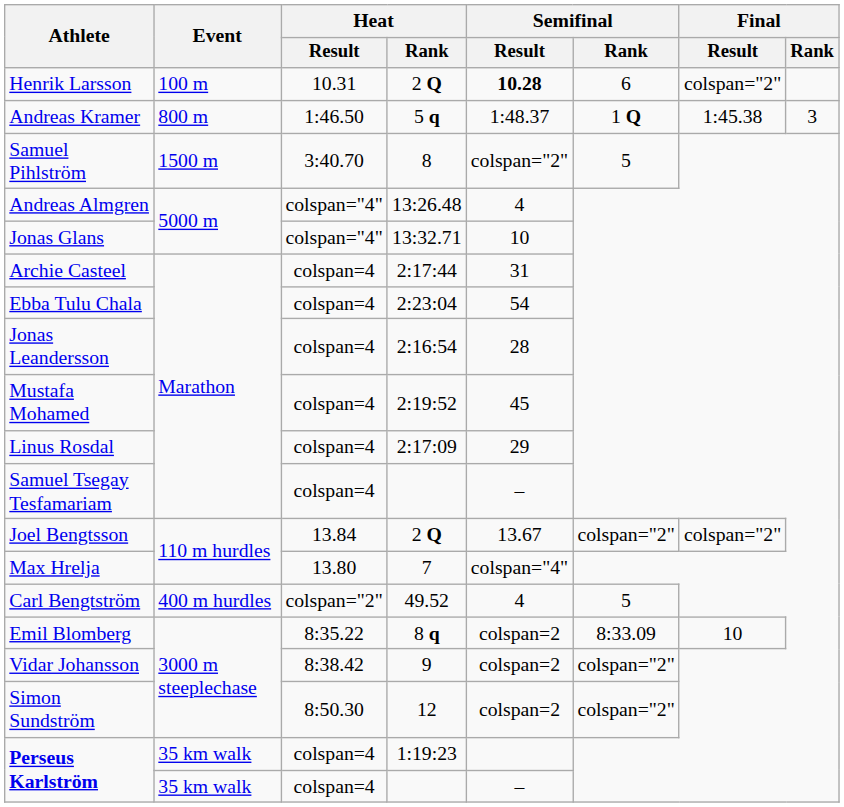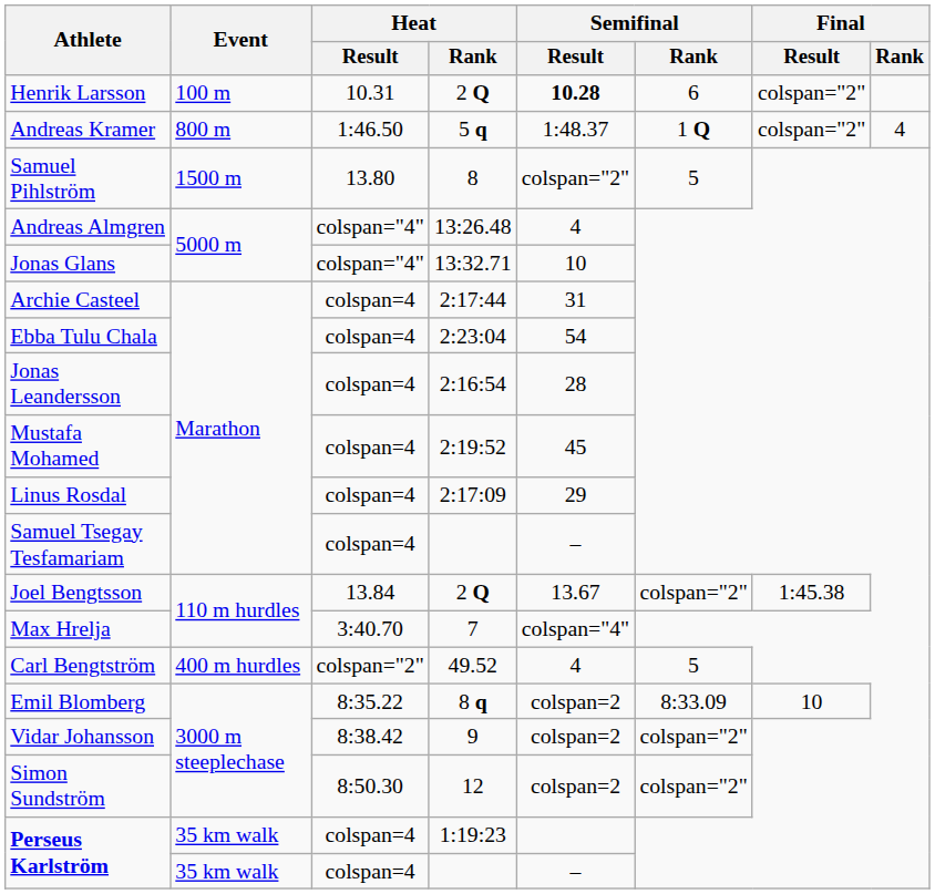 <table class="wikitable" style="font-size:90%">
 <tr>
 <th rowspan="2">Athlete</th>
 <th rowspan="2">Event</th>
 <th colspan="2">Heat</th>
 <th colspan="2">Semifinal</th>
 <th colspan="2">Final</th>
 </tr>
 <tr style="font-size:95%">
 <th>Result</th>
 <th>Rank</th>
 <th>Result</th>
 <th>Rank</th>
 <th>Result</th>
 <th>Rank</th>
 </tr>
 <tr align=center>
 <td align=left><a href='#'>Henrik Larsson</a></td>
 <td align=left><a href='#'>100 m</a></td>
 <td>10.31</td>
 <td>2 <strong>Q</strong></td>
 <td><strong>10.28</strong></td>
 <td>6</td>
 <td>colspan="2" </td>
 </tr>
 <tr align=center>
 <td align=left><a href='#'>Andreas Kramer</a></td>
 <td align=left><a href='#'>800 m</a></td>
 <td>1:46.50</td>
 <td>5 <strong>q</strong></td>
 <td>1:48.37</td>
 <td>1 <strong>Q</strong></td>
-<td>1:45.38</td>
-<td>3</td>
+<td>colspan="2" </td>
+<td>4</td>
 </tr>
 <tr align=center>
 <td align=left><a href='#'>Samuel Pihlström</a></td>
 <td align=left><a href='#'>1500 m</a></td>
-<td>3:40.70</td>
+<td>13.80</td>
 <td>8</td>
 <td>colspan="2" </td>
 <td>5</td>
 </tr>
 <tr align=center>
 <td align=left><a href='#'>Andreas Almgren</a></td>
 <td align=left rowspan=2><a href='#'>5000 m</a></td>
 <td>colspan="4" </td>
 <td>13:26.48 </td>
 <td>4</td>
 </tr>
 <tr align=center>
 <td align=left><a href='#'>Jonas Glans</a></td>
 <td>colspan="4" </td>
 <td>13:32.71</td>
 <td>10</td>
 </tr>
 <tr align=center>
 <td align=left><a href='#'>Archie Casteel</a></td>
 <td align=left rowspan=6><a href='#'>Marathon</a></td>
 <td>colspan=4 </td>
 <td>2:17:44</td>
 <td>31</td>
 </tr>
 <tr align=center>
 <td align=left><a href='#'>Ebba Tulu Chala</a></td>
 <td>colspan=4 </td>
 <td>2:23:04</td>
 <td>54</td>
 </tr>
 <tr align=center>
 <td align=left><a href='#'>Jonas Leandersson</a></td>
 <td>colspan=4 </td>
 <td>2:16:54</td>
 <td>28</td>
 </tr>
 <tr align=center>
 <td align=left><a href='#'>Mustafa Mohamed</a></td>
 <td>colspan=4 </td>
 <td>2:19:52 </td>
 <td>45</td>
 </tr>
 <tr align=center>
 <td align=left><a href='#'>Linus Rosdal</a></td>
 <td>colspan=4 </td>
 <td>2:17:09 </td>
 <td>29</td>
 </tr>
 <tr align=center>
 <td align=left><a href='#'>Samuel Tsegay Tesfamariam</a></td>
 <td>colspan=4 </td>
 <td></td>
 <td>–</td>
 </tr>
 <tr align=center>
 <td align=left><a href='#'>Joel Bengtsson</a></td>
 <td align=left rowspan=2><a href='#'>110 m hurdles</a></td>
 <td>13.84</td>
 <td>2 <strong>Q</strong></td>
 <td>13.67</td>
 <td>colspan="2" </td>
-<td>colspan="2" </td>
+<td>1:45.38</td>
 </tr>
 <tr align=center>
 <td align=left><a href='#'>Max Hrelja</a></td>
-<td>13.80</td>
+<td>3:40.70</td>
 <td>7</td>
 <td>colspan="4" </td>
 </tr>
 <tr align=center>
 <td align=left><a href='#'>Carl Bengtström</a></td>
 <td align=left><a href='#'>400 m hurdles</a></td>
 <td>colspan="2" </td>
 <td>49.52</td>
 <td>4</td>
 <td>5</td>
 </tr>
 <tr align=center>
 <td align=left><a href='#'>Emil Blomberg</a></td>
 <td align=left rowspan=3><a href='#'>3000 m steeplechase</a></td>
 <td>8:35.22</td>
 <td>8 <strong>q</strong></td>
 <td>colspan=2 </td>
 <td>8:33.09</td>
 <td>10</td>
 </tr>
 <tr align=center>
 <td align=left><a href='#'>Vidar Johansson</a></td>
 <td>8:38.42</td>
 <td>9</td>
 <td>colspan=2 </td>
 <td>colspan="2" </td>
 </tr>
 <tr align=center>
 <td align=left><a href='#'>Simon Sundström</a></td>
 <td>8:50.30</td>
 <td>12</td>
 <td>colspan=2 </td>
 <td>colspan="2" </td>
 </tr>
 <tr align=center>
 <td align=left rowspan=2><strong><a href='#'>Perseus Karlström</a></strong></td>
 <td align=left><a href='#'>35 km walk</a></td>
 <td>colspan=4 </td>
 <td>1:19:23</td>
 <td></td>
 </tr>
 <tr align=center>
 <td align=left><a href='#'>35 km walk</a></td>
 <td>colspan=4 </td>
 <td></td>
 <td>–</td>
 </tr>
 </table>
